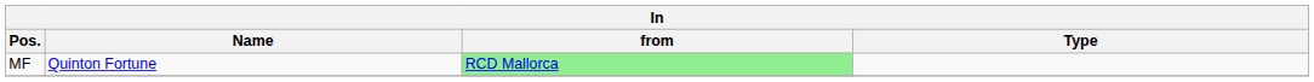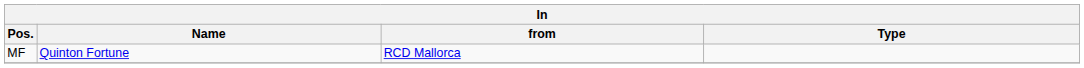 <table class="wikitable" style="font-size:90%;width:99%;">
 <tr>
 <th colspan="4">In</th>
 </tr>
 <tr>
 <th width=3%>Pos.</th>
 <th width=32%>Name</th>
 <th width=30%>from</th>
 <th width=35%>Type</th>
 </tr>
 <tr>
 <td>MF</td>
 <td><a href='#'>Quinton Fortune</a></td>
-<td style="background: lightgreen;"><a href='#'>RCD Mallorca</a></td>
+<td><a href='#'>RCD Mallorca</a></td>
 <td></td>
 </tr>
 <tr>
 </tr>
 </table>
